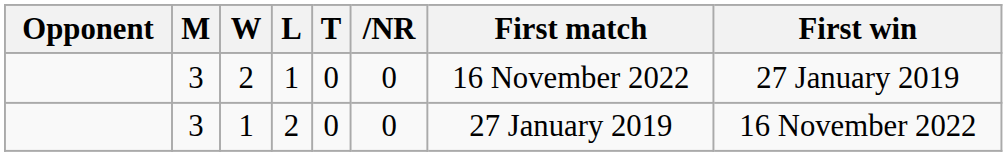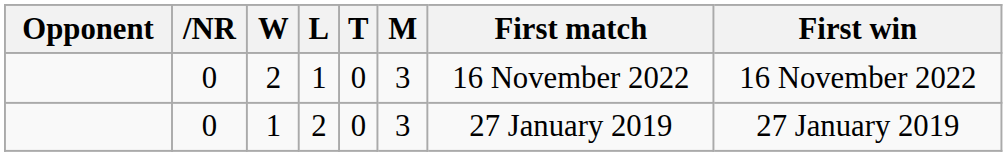 <table class="wikitable" style="text-align: center; width: 520px">
 <tr>
 <th>Opponent</th>
-<th>M</th>
+<th>/NR</th>
 <th>W</th>
 <th>L</th>
 <th>T</th>
-<th>/NR</th>
+<th>M</th>
 <th>First match</th>
 <th>First win</th>
 </tr>
 <tr>
 <td align=left></td>
-<td>3</td>
+<td>0</td>
 <td>2</td>
 <td>1</td>
 <td>0</td>
-<td>0</td>
+<td>3</td>
 <td>16 November 2022</td>
-<td>27 January 2019</td>
+<td>16 November 2022</td>
 </tr>
 <tr>
 <td align=left></td>
-<td>3</td>
+<td>0</td>
 <td>1</td>
 <td>2</td>
 <td>0</td>
-<td>0</td>
+<td>3</td>
 <td>27 January 2019</td>
-<td>16 November 2022</td>
+<td>27 January 2019</td>
 </tr>
 </table>
